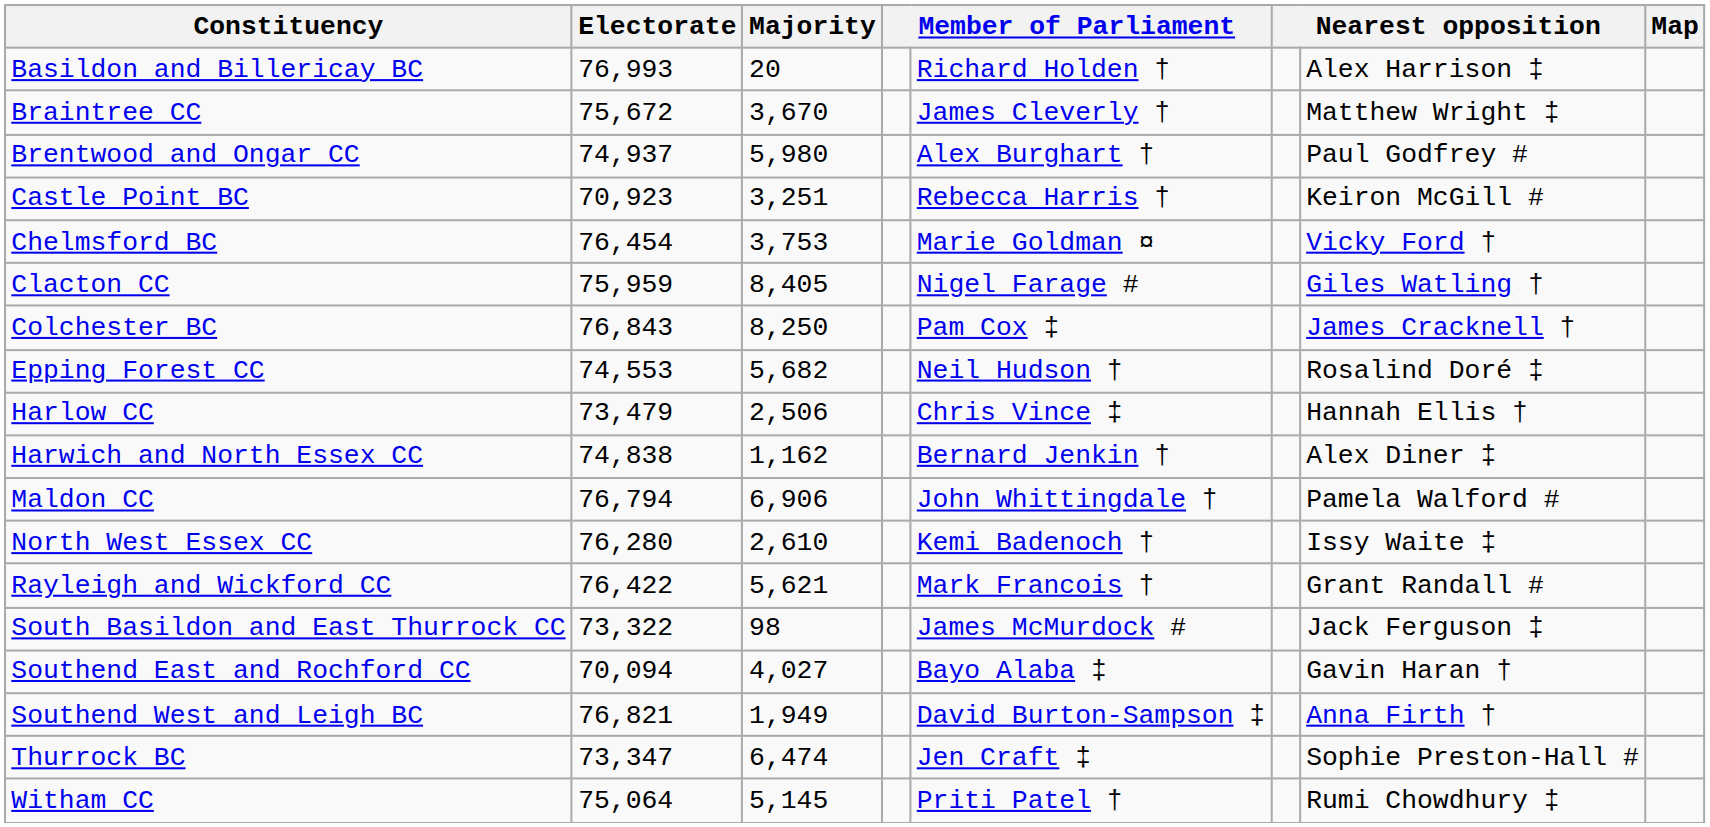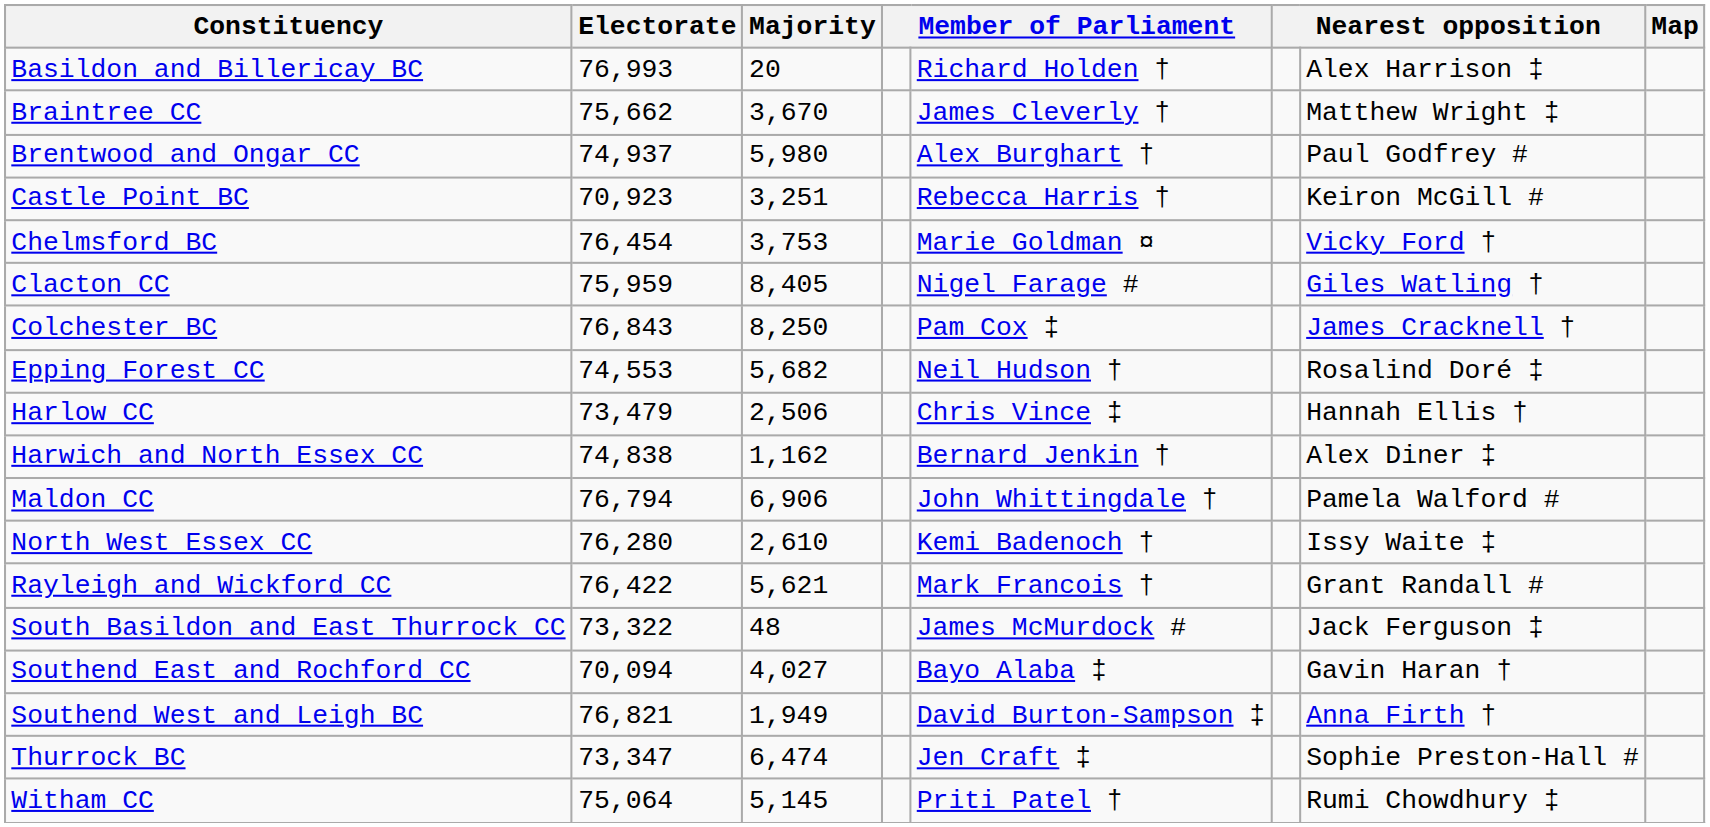 <table class="wikitable sortable">
 <tr>
 <th rowspan="1">Constituency</th>
 <th rowspan="1">Electorate</th>
 <th rowspan="1">Majority</th>
 <th class="unsortable" colspan="2"><a href='#'>Member of Parliament</a></th>
 <th class="unsortable" colspan="2">Nearest opposition</th>
 <th class="unsortable" rowspan="1">Map</th>
 </tr>
 <tr>
 <td><a href='#'>Basildon and Billericay BC</a></td>
 <td>76,993</td>
 <td>20</td>
 <td style="color:inherit;background:"> </td>
 <td><a href='#'>Richard Holden</a> †</td>
 <td style="color:inherit;background:"> </td>
 <td>Alex Harrison ‡</td>
 <td></td>
 </tr>
 <tr>
 <td><a href='#'>Braintree CC</a></td>
-<td>75,672</td>
+<td>75,662</td>
 <td>3,670</td>
 <td style="color:inherit;background:"> </td>
 <td><a href='#'>James Cleverly</a> †</td>
 <td style="color:inherit;background:"> </td>
 <td>Matthew Wright ‡</td>
 <td></td>
 </tr>
 <tr>
 <td><a href='#'>Brentwood and Ongar CC</a></td>
 <td>74,937</td>
 <td>5,980</td>
 <td style="color:inherit;background:"> </td>
 <td><a href='#'>Alex Burghart</a> †</td>
 <td style="color:inherit;background:"> </td>
 <td>Paul Godfrey #</td>
 <td></td>
 </tr>
 <tr>
 <td><a href='#'>Castle Point BC</a></td>
 <td>70,923</td>
 <td>3,251</td>
 <td style="color:inherit;background:"> </td>
 <td><a href='#'>Rebecca Harris</a> †</td>
 <td style="color:inherit;background:"> </td>
 <td>Keiron McGill #</td>
 <td></td>
 </tr>
 <tr>
 <td><a href='#'>Chelmsford BC</a></td>
 <td>76,454</td>
 <td>3,753</td>
 <td style="color:inherit;background:"> </td>
 <td><a href='#'>Marie Goldman</a> ¤</td>
 <td style="color:inherit;background:"> </td>
 <td><a href='#'>Vicky Ford</a> †</td>
 <td></td>
 </tr>
 <tr>
 <td><a href='#'>Clacton CC</a></td>
 <td>75,959</td>
 <td>8,405</td>
 <td style="color:inherit;background:"> </td>
 <td><a href='#'>Nigel Farage</a> #</td>
 <td style="color:inherit;background:"> </td>
 <td><a href='#'>Giles Watling</a> †</td>
 <td></td>
 </tr>
 <tr>
 <td><a href='#'>Colchester BC</a></td>
 <td>76,843</td>
 <td>8,250</td>
 <td style="color:inherit;background:"> </td>
 <td><a href='#'>Pam Cox</a> ‡</td>
 <td style="color:inherit;background:"> </td>
 <td><a href='#'>James Cracknell</a> †</td>
 <td></td>
 </tr>
 <tr>
 <td><a href='#'>Epping Forest CC</a></td>
 <td>74,553</td>
 <td>5,682</td>
 <td style="color:inherit;background:"> </td>
 <td><a href='#'>Neil Hudson</a> †</td>
 <td style="color:inherit;background:"> </td>
 <td>Rosalind Doré ‡</td>
 <td></td>
 </tr>
 <tr>
 <td><a href='#'>Harlow CC</a></td>
 <td>73,479</td>
 <td>2,506</td>
 <td style="color:inherit;background:"> </td>
 <td><a href='#'>Chris Vince</a> ‡</td>
 <td style="color:inherit;background:"> </td>
 <td>Hannah Ellis †</td>
 <td></td>
 </tr>
 <tr>
 <td><a href='#'>Harwich and North Essex CC</a></td>
 <td>74,838</td>
 <td>1,162</td>
 <td style="color:inherit;background:"> </td>
 <td><a href='#'>Bernard Jenkin</a> †</td>
 <td style="color:inherit;background:"> </td>
 <td>Alex Diner ‡</td>
 <td></td>
 </tr>
 <tr>
 <td><a href='#'>Maldon CC</a></td>
 <td>76,794</td>
 <td>6,906</td>
 <td style="color:inherit;background:"> </td>
 <td><a href='#'>John Whittingdale</a> †</td>
 <td style="color:inherit;background:"> </td>
 <td>Pamela Walford #</td>
 <td></td>
 </tr>
 <tr>
 <td><a href='#'>North West Essex CC</a></td>
 <td>76,280</td>
 <td>2,610</td>
 <td style="color:inherit;background:"> </td>
 <td><a href='#'>Kemi Badenoch</a> †</td>
 <td style="color:inherit;background:"> </td>
 <td>Issy Waite ‡</td>
 <td></td>
 </tr>
 <tr>
 <td><a href='#'>Rayleigh and Wickford CC</a></td>
 <td>76,422</td>
 <td>5,621</td>
 <td style="color:inherit;background:"> </td>
 <td><a href='#'>Mark Francois</a> †</td>
 <td style="color:inherit;background:"> </td>
 <td>Grant Randall #</td>
 <td></td>
 </tr>
 <tr>
 <td><a href='#'>South Basildon and East Thurrock CC</a></td>
 <td>73,322</td>
-<td>98</td>
+<td>48</td>
 <td style="color:inherit;background:"> </td>
 <td><a href='#'>James McMurdock</a> #</td>
 <td style="color:inherit;background:"> </td>
 <td>Jack Ferguson ‡</td>
 <td></td>
 </tr>
 <tr>
 <td><a href='#'>Southend East and Rochford CC</a></td>
 <td>70,094</td>
 <td>4,027</td>
 <td style="color:inherit;background:"> </td>
 <td><a href='#'>Bayo Alaba</a> ‡</td>
 <td style="color:inherit;background:"> </td>
 <td>Gavin Haran †</td>
 <td></td>
 </tr>
 <tr>
 <td><a href='#'>Southend West and Leigh BC</a></td>
 <td>76,821</td>
 <td>1,949</td>
 <td style="color:inherit;background:"> </td>
 <td><a href='#'>David Burton-Sampson</a> ‡</td>
 <td style="color:inherit;background:"> </td>
 <td><a href='#'>Anna Firth</a> †</td>
 <td></td>
 </tr>
 <tr>
 <td><a href='#'>Thurrock BC</a></td>
 <td>73,347</td>
 <td>6,474</td>
 <td style="color:inherit;background:"> </td>
 <td><a href='#'>Jen Craft</a> ‡</td>
 <td style="color:inherit;background:"> </td>
 <td>Sophie Preston-Hall #</td>
 <td></td>
 </tr>
 <tr>
 <td><a href='#'>Witham CC</a></td>
 <td>75,064</td>
 <td>5,145</td>
 <td style="color:inherit;background:"> </td>
 <td><a href='#'>Priti Patel</a> †</td>
 <td style="color:inherit;background:"> </td>
 <td>Rumi Chowdhury ‡</td>
 <td></td>
 </tr>
 <tr>
 </tr>
 </table>
